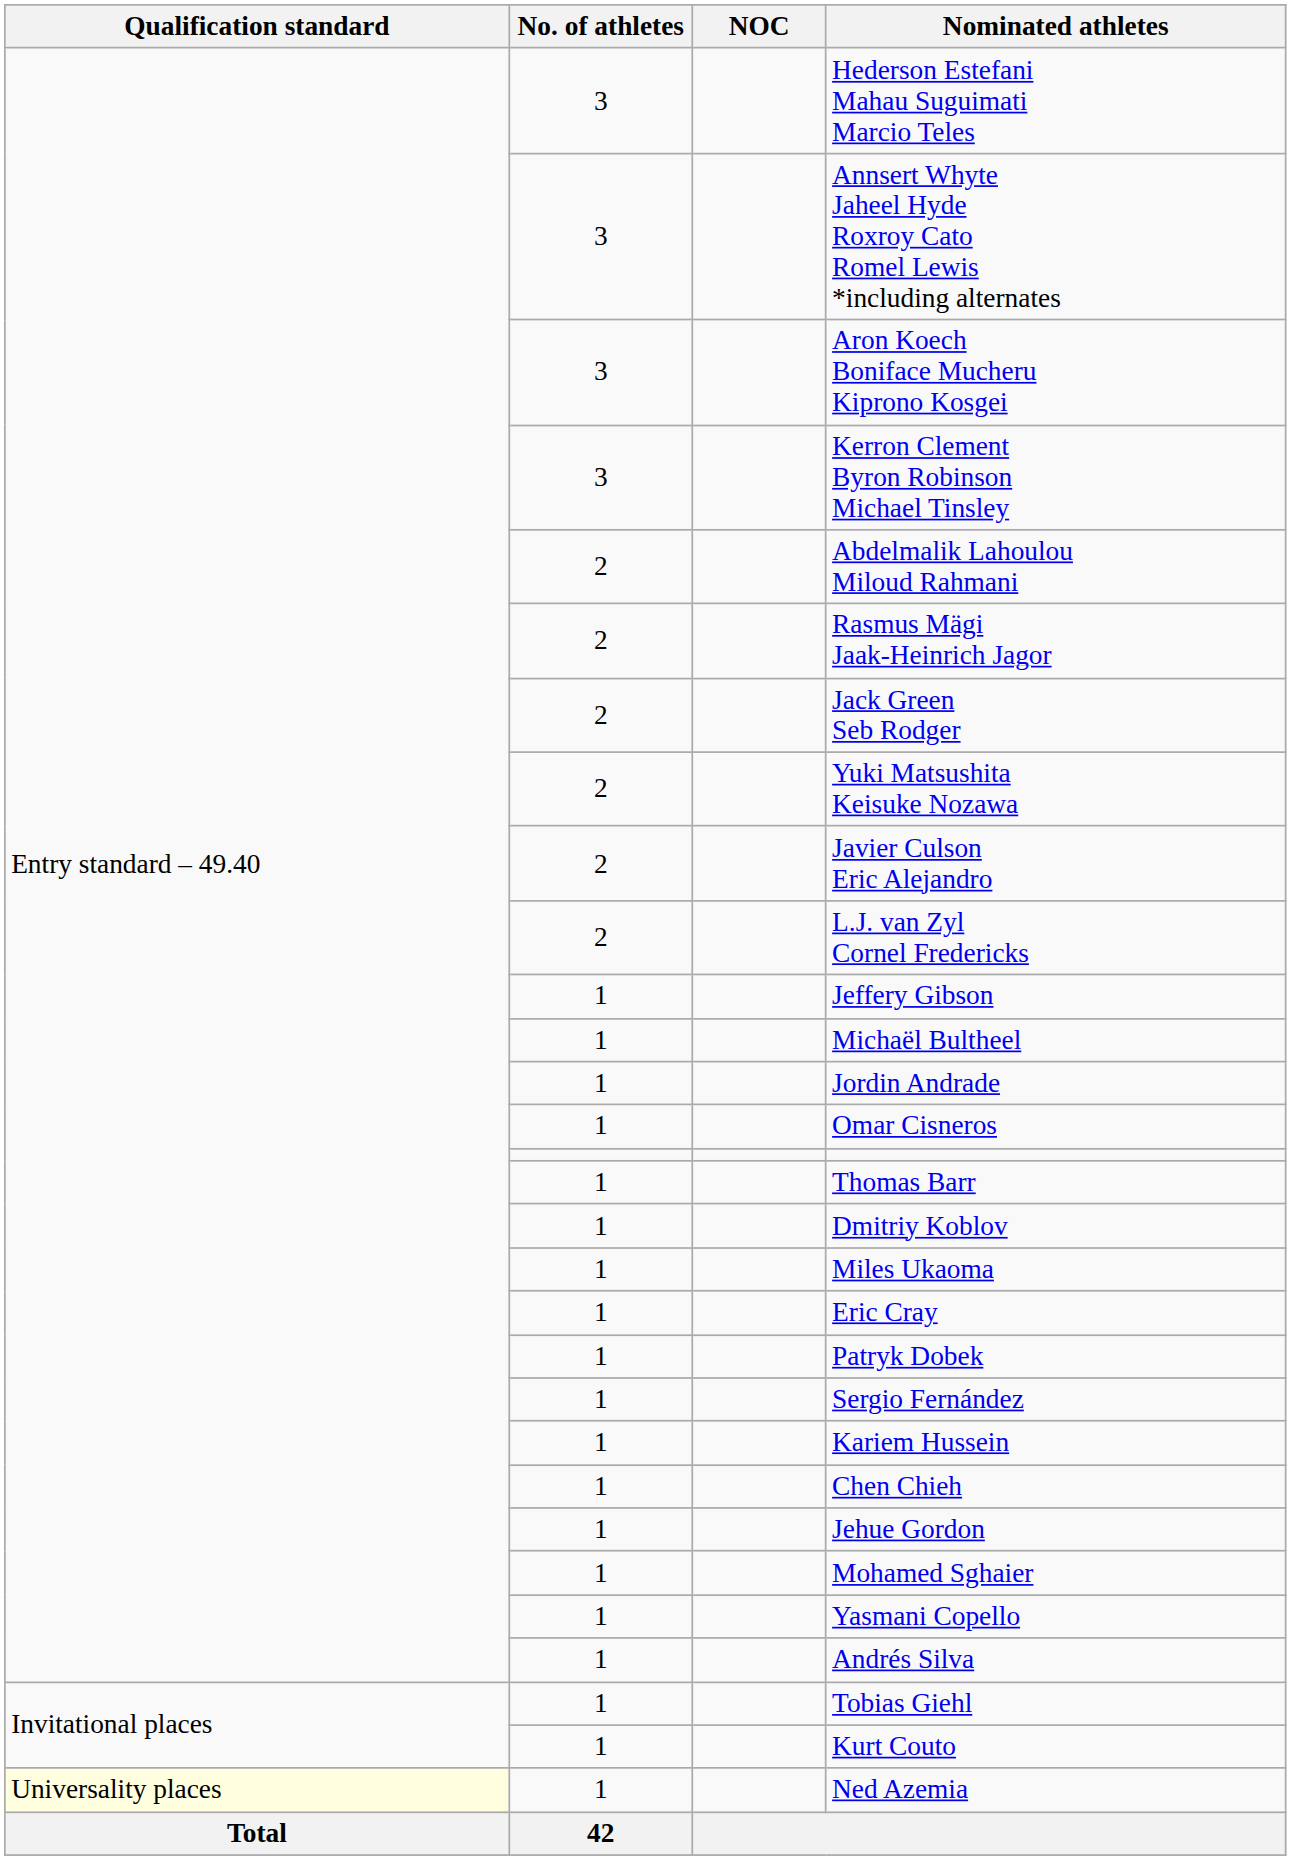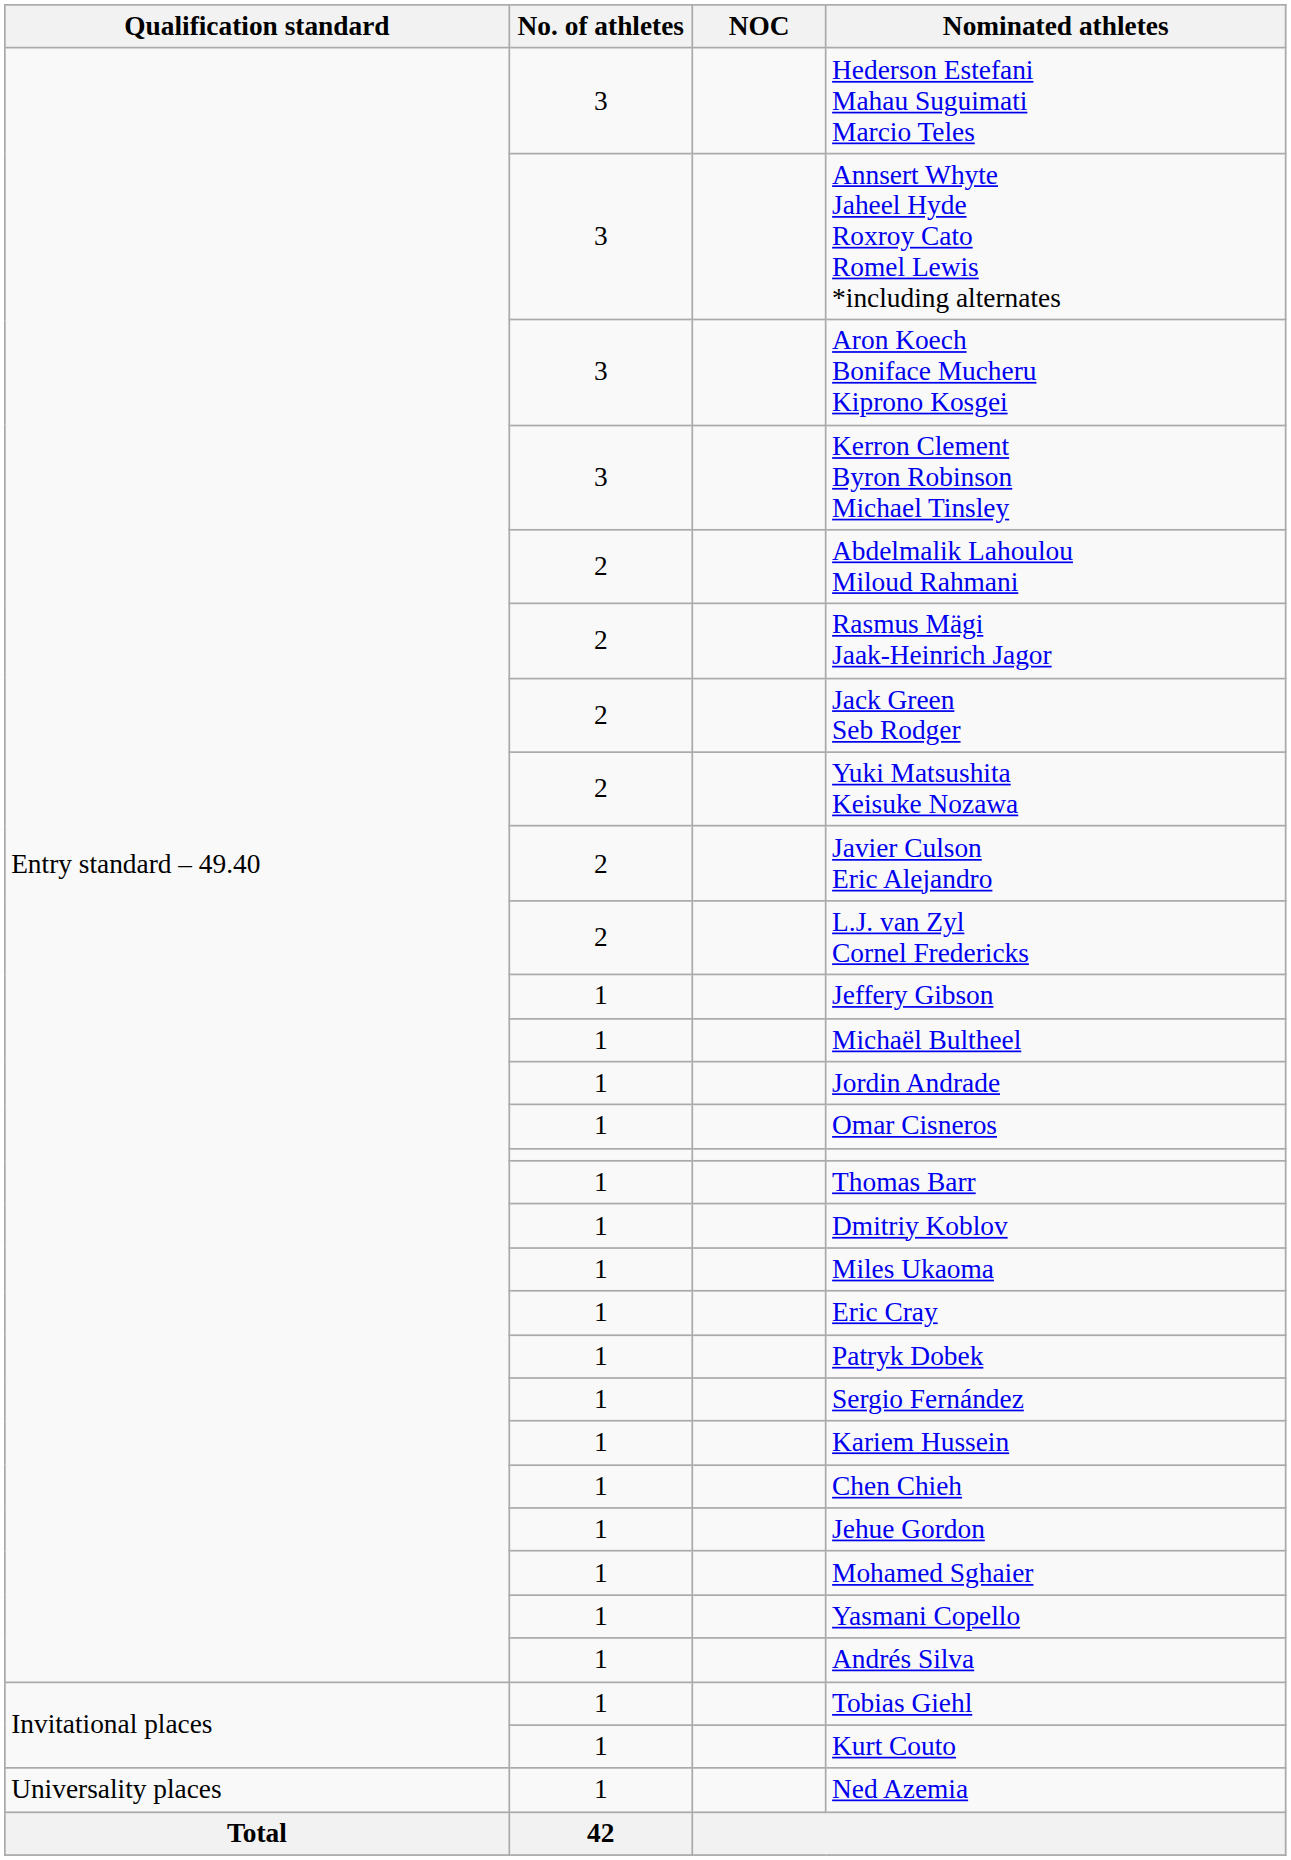 <table class="wikitable"  style="text-align:left; width:750px;">
 <tr>
 <th>Qualification standard</th>
 <th width=100>No. of athletes</th>
 <th>NOC</th>
 <th>Nominated athletes</th>
 </tr>
 <tr>
 <td rowspan=27>Entry standard – 49.40</td>
 <td style="text-align:center;">3</td>
 <td></td>
 <td><a href='#'>Hederson Estefani</a><br><a href='#'>Mahau Suguimati</a><br><a href='#'>Marcio Teles</a></td>
 </tr>
 <tr>
 <td style="text-align:center;">3</td>
 <td></td>
 <td><a href='#'>Annsert Whyte</a><br><a href='#'>Jaheel Hyde</a><br><a href='#'>Roxroy Cato</a><br><a href='#'>Romel Lewis</a><br>*including alternates</td>
 </tr>
 <tr>
 <td style="text-align:center;">3</td>
 <td></td>
 <td><a href='#'>Aron Koech</a><br><a href='#'>Boniface Mucheru</a><br><a href='#'>Kiprono Kosgei</a></td>
 </tr>
 <tr>
 <td style="text-align:center;">3</td>
 <td></td>
 <td><a href='#'>Kerron Clement</a><br><a href='#'>Byron Robinson</a><br><a href='#'>Michael Tinsley</a></td>
 </tr>
 <tr>
 <td style="text-align:center;">2</td>
 <td></td>
 <td><a href='#'>Abdelmalik Lahoulou</a><br><a href='#'>Miloud Rahmani</a></td>
 </tr>
 <tr>
 <td style="text-align:center;">2</td>
 <td></td>
 <td><a href='#'>Rasmus Mägi</a><br><a href='#'>Jaak-Heinrich Jagor</a></td>
 </tr>
 <tr>
 <td style="text-align:center;">2</td>
 <td></td>
 <td><a href='#'>Jack Green</a><br><a href='#'>Seb Rodger</a></td>
 </tr>
 <tr>
 <td style="text-align:center;">2</td>
 <td></td>
 <td><a href='#'>Yuki Matsushita</a><br><a href='#'>Keisuke Nozawa</a></td>
 </tr>
 <tr>
 <td style="text-align:center;">2</td>
 <td></td>
 <td><a href='#'>Javier Culson</a><br><a href='#'>Eric Alejandro</a></td>
 </tr>
 <tr>
 <td style="text-align:center;">2</td>
 <td></td>
 <td><a href='#'>L.J. van Zyl</a><br><a href='#'>Cornel Fredericks</a></td>
 </tr>
 <tr>
 <td style="text-align:center;">1</td>
 <td></td>
 <td><a href='#'>Jeffery Gibson</a></td>
 </tr>
 <tr>
 <td style="text-align:center;">1</td>
 <td></td>
 <td><a href='#'>Michaël Bultheel</a></td>
 </tr>
 <tr>
 <td style="text-align:center;">1</td>
 <td></td>
 <td><a href='#'>Jordin Andrade</a></td>
 </tr>
 <tr>
 <td style="text-align:center;">1</td>
 <td></td>
 <td><a href='#'>Omar Cisneros</a></td>
 </tr>
 <tr>
 <td></td>
 <td></td>
 </tr>
 <tr>
 <td style="text-align:center;">1</td>
 <td></td>
 <td><a href='#'>Thomas Barr</a></td>
 </tr>
 <tr>
 <td style="text-align:center;">1</td>
 <td></td>
 <td><a href='#'>Dmitriy Koblov</a></td>
 </tr>
 <tr>
 <td style="text-align:center;">1</td>
 <td></td>
 <td><a href='#'>Miles Ukaoma</a></td>
 </tr>
 <tr>
 <td style="text-align:center;">1</td>
 <td></td>
 <td><a href='#'>Eric Cray</a></td>
 </tr>
 <tr>
 <td style="text-align:center;">1</td>
 <td></td>
 <td><a href='#'>Patryk Dobek</a></td>
 </tr>
 <tr>
 <td style="text-align:center;">1</td>
 <td></td>
 <td><a href='#'>Sergio Fernández</a></td>
 </tr>
 <tr>
 <td style="text-align:center;">1</td>
 <td></td>
 <td><a href='#'>Kariem Hussein</a></td>
 </tr>
 <tr>
 <td style="text-align:center;">1</td>
 <td></td>
 <td><a href='#'>Chen Chieh</a></td>
 </tr>
 <tr>
 <td style="text-align:center;">1</td>
 <td></td>
 <td><a href='#'>Jehue Gordon</a></td>
 </tr>
 <tr>
 <td style="text-align:center;">1</td>
 <td></td>
 <td><a href='#'>Mohamed Sghaier</a></td>
 </tr>
 <tr>
 <td style="text-align:center;">1</td>
 <td></td>
 <td><a href='#'>Yasmani Copello</a></td>
 </tr>
 <tr>
 <td style="text-align:center;">1</td>
 <td></td>
 <td><a href='#'>Andrés Silva</a></td>
 </tr>
 <tr>
 <td rowspan=2>Invitational places</td>
 <td style="text-align:center;">1</td>
 <td></td>
 <td><a href='#'>Tobias Giehl</a></td>
 </tr>
 <tr>
 <td style="text-align:center;">1</td>
 <td></td>
 <td><a href='#'>Kurt Couto</a></td>
 </tr>
 <tr>
-<td style="background: lightyellow;">Universality places</td>
+<td>Universality places</td>
 <td style="text-align:center;">1</td>
 <td></td>
 <td><a href='#'>Ned Azemia</a></td>
 </tr>
 <tr>
 <th>Total</th>
 <th>42</th>
 <th colspan=2></th>
 </tr>
 </table>
